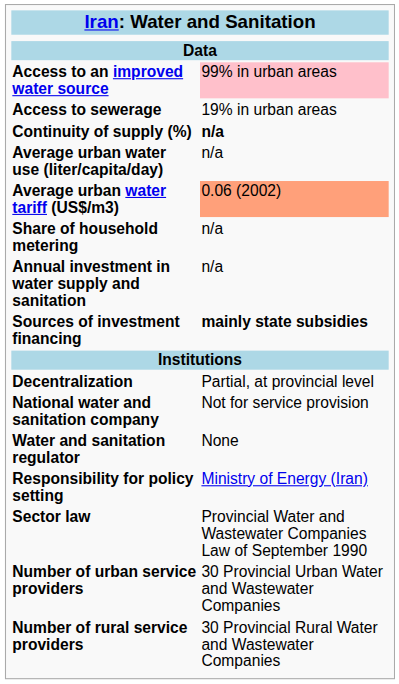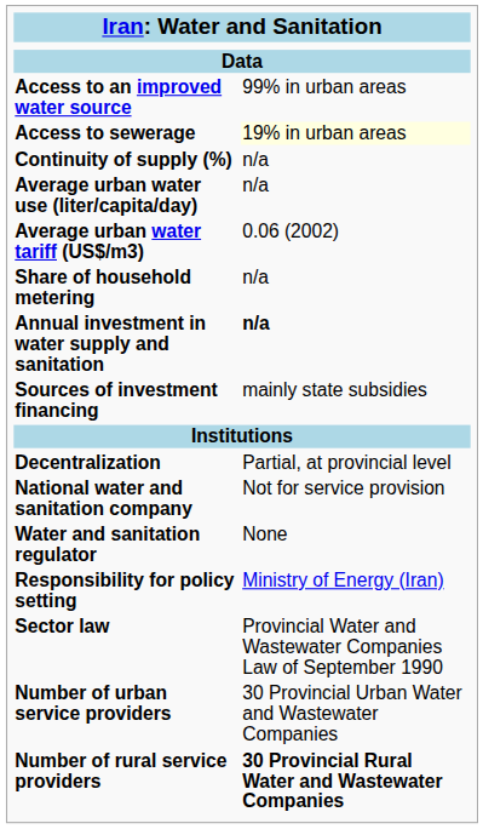 <table style="width: 25em; font-size: 92%; text-align: left;" class="infobox">
 <tr>
 <th align="center" bgcolor="lightblue" colspan="2"><big><a href='#'>Iran</a>: Water and Sanitation</big></th>
 </tr>
 <tr>
 <td colspan="2" style="text-align:center"></td>
 </tr>
 <tr>
 <th align="center" bgcolor="lightblue" colspan="3">Data</th>
 </tr>
 <tr>
 <th align="left" valign="top">Access to an <a href='#'>improved water source</a></th>
-<td valign="top" style="background: pink;">99% in urban areas</td>
+<td valign="top">99% in urban areas</td>
 </tr>
 <tr>
 <th align="left" valign="top">Access to sewerage</th>
-<td valign="top">19% in urban areas</td>
+<td valign="top" style="background: lightyellow;">19% in urban areas</td>
 </tr>
 <tr>
 <th align="left" valign="top">Continuity of supply (%)</th>
-<td valign="top"><strong>n/a</strong></td>
+<td valign="top">n/a</td>
 </tr>
 <tr>
 <th align="left" valign="top">Average urban water use (liter/capita/day)</th>
 <td valign="top">n/a</td>
 </tr>
 <tr>
 <th align="left" valign="top">Average urban <a href='#'>water tariff</a> (US$/m3)</th>
-<td valign="top" style="background: lightsalmon;">0.06 (2002)</td>
+<td valign="top">0.06 (2002)</td>
 </tr>
 <tr>
 <th align="left" valign="top">Share of household metering</th>
 <td valign="top">n/a</td>
 </tr>
 <tr>
 <th align="left" valign="top">Annual investment in water supply and sanitation</th>
-<td valign="top">n/a</td>
+<td valign="top"><strong>n/a</strong></td>
 </tr>
 <tr>
 <th align="left" valign="top">Sources of investment financing</th>
-<td valign="top"><strong>mainly state subsidies</strong></td>
+<td valign="top">mainly state subsidies</td>
 </tr>
 <tr>
 <th align="center" bgcolor="lightblue" colspan="3">Institutions</th>
 </tr>
 <tr>
 <th align="left" valign="top">Decentralization</th>
 <td valign="top">Partial, at provincial level</td>
 </tr>
 <tr>
 <th align="left" valign="top">National water and sanitation company</th>
 <td valign="top">Not for service provision</td>
 </tr>
 <tr>
 <th align="left" valign="top">Water and sanitation regulator</th>
 <td valign="top">None</td>
 </tr>
 <tr>
 <th align="left" valign="top">Responsibility for policy setting</th>
 <td valign="top"><a href='#'>Ministry of Energy (Iran)</a></td>
 </tr>
 <tr>
 <th align="left" valign="top">Sector law</th>
 <td valign="top">Provincial Water and Wastewater Companies Law of September 1990</td>
 </tr>
 <tr>
 <th align="left" valign="top">Number of urban service providers</th>
 <td valign="top">30 Provincial Urban Water and Wastewater Companies</td>
 </tr>
 <tr>
 <th align="left" valign="top">Number of rural service providers</th>
-<td valign="top">30 Provincial Rural Water and Wastewater Companies</td>
+<td valign="top"><strong>30 Provincial Rural Water and Wastewater Companies</strong></td>
 </tr>
 <tr>
 </tr>
 </table>
